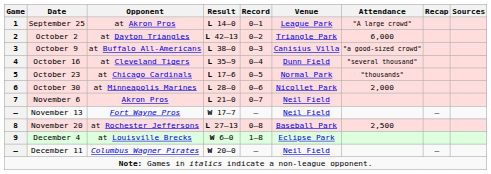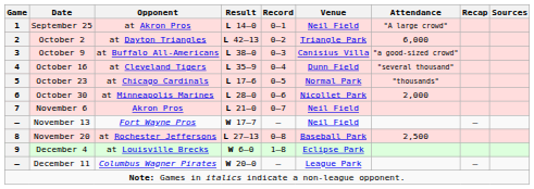 <table class="wikitable" style="text-align:center">
 <tr>
 <th>Game</th>
 <th>Date</th>
 <th>Opponent</th>
 <th>Result</th>
 <th>Record</th>
 <th>Venue</th>
 <th>Attendance</th>
 <th>Recap</th>
 <th>Sources</th>
 </tr>
 <tr style="background: #ffdddd;">
 <th>1</th>
 <td>September 25</td>
 <td>at <a href='#'>Akron Pros</a></td>
 <td><strong>L</strong> 14–0</td>
 <td>0–1</td>
-<td><a href='#'>League Park</a></td>
+<td><a href='#'>Neil Field</a></td>
 <td><small>"A large crowd"</small></td>
 <td></td>
 <td></td>
 </tr>
 <tr style="background: #ffdddd;">
 <th>2</th>
 <td>October 2</td>
 <td>at <a href='#'>Dayton Triangles</a></td>
 <td><strong>L</strong> 42–13</td>
 <td>0–2</td>
 <td><a href='#'>Triangle Park</a></td>
 <td>6,000</td>
 <td></td>
 <td></td>
 </tr>
 <tr style="background: #ffdddd;">
 <th>3</th>
 <td>October 9</td>
 <td>at <a href='#'>Buffalo All-Americans</a></td>
 <td><strong>L</strong> 38–0</td>
 <td>0–3</td>
 <td><a href='#'>Canisius Villa</a></td>
 <td><small>"a good-sized crowd"</small></td>
 <td></td>
 <td></td>
 </tr>
 <tr style="background: #ffdddd;">
 <th>4</th>
 <td>October 16</td>
 <td>at <a href='#'>Cleveland Tigers</a></td>
 <td><strong>L</strong> 35–9</td>
 <td>0–4</td>
 <td><a href='#'>Dunn Field</a></td>
 <td><small>"several thousand"</small></td>
 <td></td>
 <td></td>
 </tr>
 <tr style="background: #ffdddd;">
 <th>5</th>
 <td>October 23</td>
 <td>at <a href='#'>Chicago Cardinals</a></td>
 <td><strong>L</strong> 17–6</td>
 <td>0–5</td>
 <td><a href='#'>Normal Park</a></td>
 <td><small>"thousands"</small></td>
 <td></td>
 <td></td>
 </tr>
 <tr style="background: #ffdddd;">
 <th>6</th>
 <td>October 30</td>
 <td>at <a href='#'>Minneapolis Marines</a></td>
 <td><strong>L</strong> 28–0</td>
 <td>0–6</td>
 <td><a href='#'>Nicollet Park</a></td>
 <td>2,000</td>
 <td></td>
 <td></td>
 </tr>
 <tr style="background: #ffdddd;">
 <th>7</th>
 <td>November 6</td>
 <td><a href='#'>Akron Pros</a></td>
 <td><strong>L</strong> 21–0</td>
 <td>0–7</td>
 <td><a href='#'>Neil Field</a></td>
 <td></td>
 <td></td>
 <td></td>
 </tr>
 <tr>
 <th>—</th>
 <td>November 13</td>
 <td><em><a href='#'>Fort Wayne Pros</a></em></td>
 <td><strong>W</strong> 17–7</td>
 <td>—</td>
 <td><a href='#'>Neil Field</a></td>
 <td></td>
 <td>—</td>
 <td></td>
 </tr>
 <tr style="background: #ffdddd;">
 <th>8</th>
 <td>November 20</td>
 <td>at <a href='#'>Rochester Jeffersons</a></td>
 <td><strong>L</strong> 27–13</td>
 <td>0–8</td>
 <td><a href='#'>Baseball Park</a></td>
 <td>2,500</td>
 <td></td>
 <td></td>
 </tr>
 <tr style="background: #ddffdd;">
 <th>9</th>
 <td>December 4</td>
 <td>at <a href='#'>Louisville Brecks</a></td>
 <td><strong>W</strong> 6–0</td>
 <td>1–8</td>
 <td><a href='#'>Eclipse Park</a></td>
 <td></td>
 <td></td>
 <td></td>
 </tr>
 <tr>
 <th>—</th>
 <td>December 11</td>
 <td><em><a href='#'>Columbus Wagner Pirates</a></em></td>
 <td><strong>W</strong> 20–0</td>
 <td>—</td>
-<td><a href='#'>Neil Field</a></td>
+<td><a href='#'>League Park</a></td>
 <td></td>
 <td>—</td>
 <td></td>
 </tr>
 <tr>
 <td colspan="10"><strong>Note:</strong> Games in <em>italics</em> indicate a non-league opponent.</td>
 </tr>
 </table>
